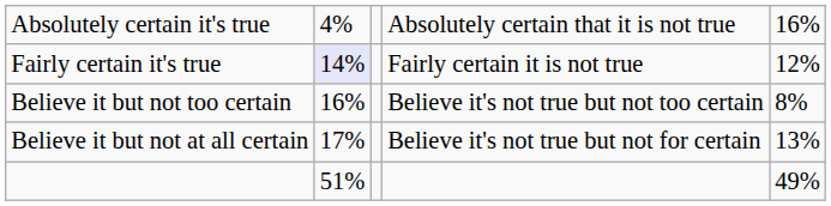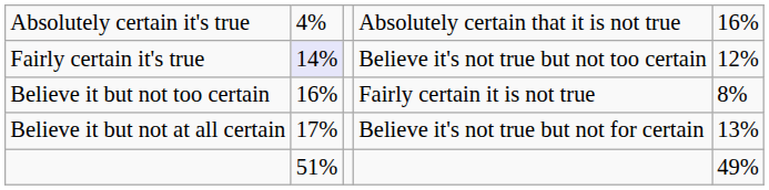 <table class="wikitable">
 <tr>
 <td>Absolutely certain it's true</td>
 <td>4%</td>
 <td></td>
 <td>Absolutely certain that it is not true</td>
 <td>16%</td>
 </tr>
 <tr>
 <td>Fairly certain it's true</td>
 <td style="background: lavender;">14%</td>
 <td></td>
-<td>Fairly certain it is not true</td>
+<td>Believe it's not true but not too certain</td>
 <td>12%</td>
 </tr>
 <tr>
 <td>Believe it but not too certain</td>
 <td>16%</td>
 <td></td>
-<td>Believe it's not true but not too certain</td>
+<td>Fairly certain it is not true</td>
 <td>8%</td>
 </tr>
 <tr>
 <td>Believe it but not at all certain</td>
 <td>17%</td>
 <td></td>
 <td>Believe it's not true but not for certain</td>
 <td>13%</td>
 </tr>
 <tr>
 <td></td>
 <td>51%</td>
 <td></td>
 <td></td>
 <td>49%</td>
 </tr>
 </table>
